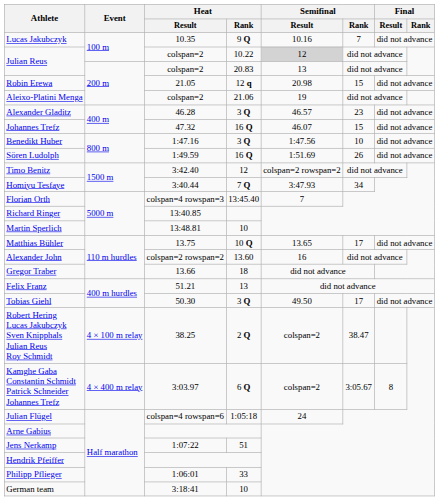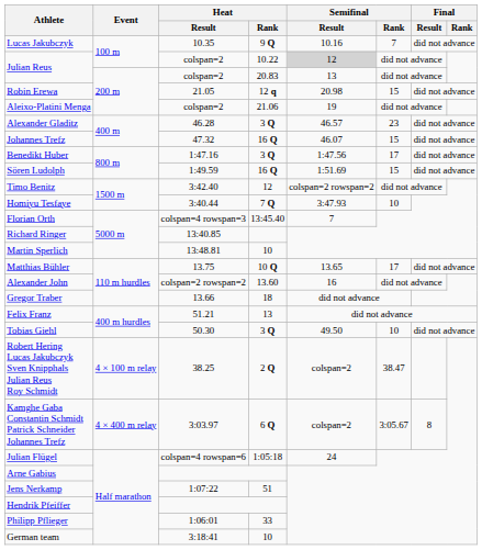 <table class="wikitable" style="font-size:90%">
 <tr>
 <th rowspan=2>Athlete</th>
 <th rowspan=2>Event</th>
 <th colspan=2>Heat</th>
 <th colspan=2>Semifinal</th>
 <th colspan=2>Final</th>
 </tr>
 <tr style="font-size:95%">
 <th>Result</th>
 <th>Rank</th>
 <th>Result</th>
 <th>Rank</th>
 <th>Result</th>
 <th>Rank</th>
 </tr>
 <tr align=center>
 <td align=left><a href='#'>Lucas Jakubczyk</a></td>
 <td style="text-align:left;" rowspan="2"><a href='#'>100 m</a></td>
 <td>10.35</td>
 <td>9 <strong>Q</strong></td>
 <td>10.16 <strong></strong></td>
 <td>7</td>
 <td colspan=2>did not advance</td>
 </tr>
 <tr align=center>
 <td align=left rowspan=2><a href='#'>Julian Reus</a></td>
 <td>colspan=2 </td>
 <td>10.22</td>
 <td style="background: lightgrey;">12</td>
 <td colspan=2>did not advance</td>
 </tr>
 <tr align=center>
 <td style="text-align:left;" rowspan="3"><a href='#'>200 m</a></td>
 <td>colspan=2 </td>
 <td>20.83</td>
 <td>13</td>
 <td colspan=2>did not advance</td>
 </tr>
 <tr align=center>
 <td align=left><a href='#'>Robin Erewa</a></td>
 <td>21.05</td>
 <td>12 <strong>q</strong></td>
 <td>20.98</td>
 <td>15</td>
 <td colspan=2>did not advance</td>
 </tr>
 <tr align=center>
 <td align=left><a href='#'>Aleixo-Platini Menga</a></td>
 <td>colspan=2 </td>
 <td>21.06</td>
 <td>19</td>
 <td colspan=2>did not advance</td>
 </tr>
 <tr align=center>
 <td align=left><a href='#'>Alexander Gladitz</a></td>
 <td style="text-align:left;" rowspan="2"><a href='#'>400 m</a></td>
 <td>46.28</td>
 <td>3 <strong>Q</strong></td>
 <td>46.57</td>
 <td>23</td>
 <td colspan=2>did not advance</td>
 </tr>
 <tr align=center>
 <td align=left><a href='#'>Johannes Trefz</a></td>
 <td>47.32</td>
 <td>16 <strong>Q</strong></td>
 <td>46.07</td>
 <td>15</td>
 <td colspan=2>did not advance</td>
 </tr>
 <tr align=center>
 <td align=left><a href='#'>Benedikt Huber</a></td>
 <td style="text-align:left;" rowspan="2"><a href='#'>800 m</a></td>
 <td>1:47.16</td>
 <td>3 <strong>Q</strong></td>
 <td>1:47.56</td>
-<td>10</td>
+<td>17</td>
 <td colspan=2>did not advance</td>
 </tr>
 <tr align=center>
 <td align=left><a href='#'>Sören Ludolph</a></td>
 <td>1:49.59</td>
 <td>16 <strong>Q</strong></td>
 <td>1:51.69</td>
-<td>26</td>
+<td>15</td>
 <td colspan=2>did not advance</td>
 </tr>
 <tr align=center>
 <td align=left><a href='#'>Timo Benitz</a></td>
 <td style="text-align:left;" rowspan="2"><a href='#'>1500 m</a></td>
 <td>3:42.40</td>
 <td>12</td>
 <td>colspan=2 rowspan=2 </td>
 <td colspan=2>did not advance</td>
 </tr>
 <tr align=center>
 <td align=left><a href='#'>Homiyu Tesfaye</a></td>
 <td>3:40.44</td>
 <td>7 <strong>Q</strong></td>
 <td>3:47.93</td>
-<td>34</td>
+<td>10</td>
 </tr>
 <tr align=center>
 <td align=left><a href='#'>Florian Orth</a></td>
 <td style="text-align:left;" rowspan="3"><a href='#'>5000 m</a></td>
 <td>colspan=4 rowspan=3 </td>
 <td>13:45.40</td>
 <td>7</td>
 </tr>
 <tr align=center>
 <td align=left><a href='#'>Richard Ringer</a></td>
 <td>13:40.85 <strong></strong></td>
 <td></td>
 </tr>
 <tr align=center>
 <td align=left><a href='#'>Martin Sperlich</a></td>
 <td>13:48.81</td>
 <td>10</td>
 </tr>
 <tr align=center>
 <td align=left><a href='#'>Matthias Bühler</a></td>
 <td style="text-align:left;" rowspan="3"><a href='#'>110 m hurdles</a></td>
 <td>13.75</td>
 <td>10 <strong>Q</strong></td>
 <td>13.65</td>
 <td>17</td>
 <td colspan=2>did not advance</td>
 </tr>
 <tr align=center>
 <td align=left><a href='#'>Alexander John</a></td>
 <td>colspan=2 rowspan=2 </td>
 <td>13.60</td>
 <td>16</td>
 <td colspan=2>did not advance</td>
 </tr>
 <tr align=center>
 <td align=left><a href='#'>Gregor Traber</a></td>
 <td>13.66</td>
 <td>18</td>
 <td colspan=2>did not advance</td>
 </tr>
 <tr align=center>
 <td align=left><a href='#'>Felix Franz</a></td>
 <td style="text-align:left;" rowspan="2"><a href='#'>400 m hurdles</a></td>
 <td>51.21</td>
 <td>13</td>
 <td colspan=4>did not advance</td>
 </tr>
 <tr align=center>
 <td align=left><a href='#'>Tobias Giehl</a></td>
 <td>50.30</td>
 <td>3 <strong>Q</strong></td>
 <td>49.50 <strong></strong></td>
-<td>17</td>
+<td>10</td>
 <td colspan=2>did not advance</td>
 </tr>
 <tr align=center>
 <td align=left><a href='#'>Robert Hering</a> <br><a href='#'>Lucas Jakubczyk</a><br><a href='#'>Sven Knipphals</a><br><a href='#'>Julian Reus</a><br><a href='#'>Roy Schmidt</a> </td>
 <td align=left><a href='#'>4 × 100 m relay</a></td>
 <td>38.25 <strong></strong></td>
 <td>2 <strong>Q</strong></td>
 <td>colspan=2 </td>
 <td>38.47</td>
 <td></td>
 </tr>
 <tr align=center>
 <td align=left><a href='#'>Kamghe Gaba</a><br><a href='#'>Constantin Schmidt</a><br><a href='#'>Patrick Schneider</a><br><a href='#'>Johannes Trefz</a></td>
 <td align=left><a href='#'>4 × 400 m relay</a></td>
 <td>3:03.97 <strong></strong></td>
 <td>6 <strong>Q</strong></td>
 <td>colspan=2 </td>
 <td>3:05.67</td>
 <td>8</td>
 </tr>
 <tr align=center>
 <td align=left><a href='#'>Julian Flügel</a></td>
 <td style="text-align:left;" rowspan="6"><a href='#'>Half marathon</a></td>
 <td>colspan=4 rowspan=6 </td>
 <td>1:05:18</td>
 <td>24</td>
 </tr>
 <tr align=center>
 <td align=left><a href='#'>Arne Gabius</a></td>
 <td colspan=2></td>
 </tr>
 <tr align=center>
 <td align=left><a href='#'>Jens Nerkamp</a></td>
 <td>1:07:22</td>
 <td>51</td>
 </tr>
 <tr align=center>
 <td align=left><a href='#'>Hendrik Pfeiffer</a></td>
 <td colspan=2></td>
 </tr>
 <tr align=center>
 <td align=left><a href='#'>Philipp Pflieger</a></td>
 <td>1:06:01</td>
 <td>33</td>
 </tr>
 <tr align=center>
 <td align=left>German team</td>
 <td>3:18:41</td>
 <td>10</td>
 </tr>
 </table>
